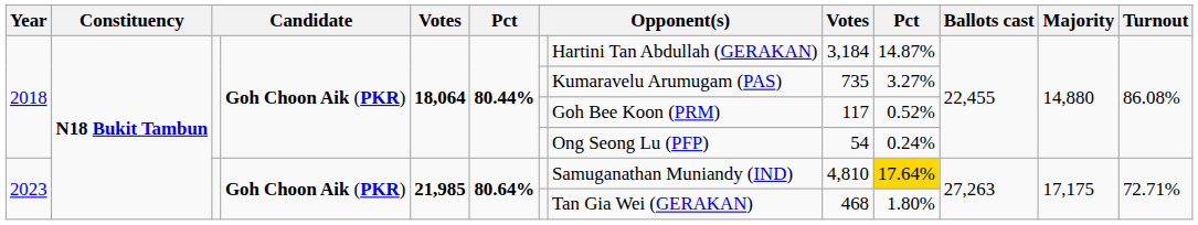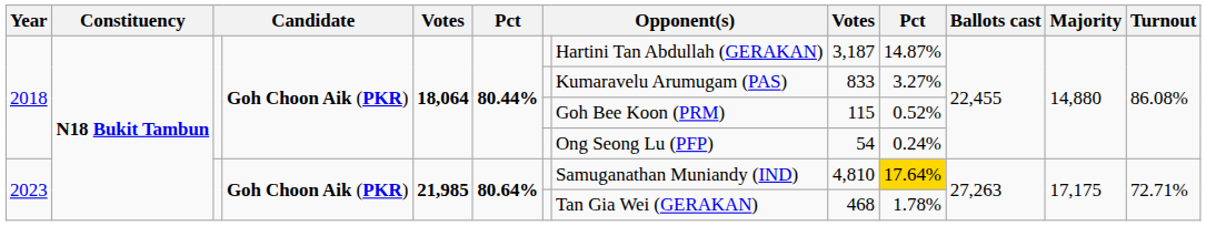 <table class="wikitable" style="margin:0.5em ; font-size:95%">
 <tr>
 <th>Year</th>
 <th>Constituency</th>
 <th colspan="2">Candidate</th>
 <th>Votes</th>
 <th>Pct</th>
 <th colspan="2">Opponent(s)</th>
 <th>Votes</th>
 <th>Pct</th>
 <th>Ballots cast</th>
 <th>Majority</th>
 <th>Turnout</th>
 </tr>
 <tr>
 <td rowspan="4"><a href='#'>2018</a></td>
 <td rowspan="6"><strong>N18 <a href='#'>Bukit Tambun</a></strong></td>
 <td rowspan="4" ></td>
 <td rowspan="4"><strong>Goh Choon Aik</strong> (<a href='#'><strong>PKR</strong></a>)</td>
 <td rowspan="4" style="text-align:right;"><strong>18,064</strong></td>
 <td rowspan="4"><strong>80.44%</strong></td>
 <td></td>
 <td>Hartini Tan Abdullah (<a href='#'>GERAKAN</a>)</td>
-<td style="text-align:right;">3,184</td>
+<td style="text-align:right;">3,187</td>
 <td>14.87%</td>
 <td rowspan="4">22,455</td>
 <td rowspan="4">14,880</td>
 <td rowspan="4">86.08%</td>
 </tr>
 <tr>
 <td></td>
 <td>Kumaravelu Arumugam (<a href='#'>PAS</a>)</td>
-<td style="text-align:right;">735</td>
+<td style="text-align:right;">833</td>
 <td style="text-align:right;">3.27%</td>
 </tr>
 <tr>
 <td bgcolor=></td>
 <td>Goh Bee Koon (<a href='#'>PRM</a>)</td>
-<td style="text-align:right;">117</td>
+<td style="text-align:right;">115</td>
 <td style="text-align:right;">0.52%</td>
 </tr>
 <tr>
 <td bgcolor=></td>
 <td>Ong Seong Lu (<a href='#'>PFP</a>)</td>
 <td style="text-align:right;">54</td>
 <td style="text-align:right;">0.24%</td>
 </tr>
 <tr>
 <td rowspan="2"><a href='#'>2023</a></td>
 <td rowspan="2" ></td>
 <td rowspan="2"><strong>Goh Choon Aik</strong> (<a href='#'><strong>PKR</strong></a>)</td>
 <td rowspan="2" style="text-align:right;"><strong>21,985</strong></td>
 <td rowspan="2"><strong>80.64%</strong></td>
 <td></td>
 <td>Samuganathan Muniandy (<a href='#'>IND</a>)</td>
 <td style="text-align:right;">4,810</td>
 <td style="background: gold;">17.64%</td>
 <td rowspan="2">27,263</td>
 <td rowspan="2">17,175</td>
 <td rowspan="2">72.71%</td>
 </tr>
 <tr>
 <td></td>
 <td>Tan Gia Wei (<a href='#'>GERAKAN</a>)</td>
 <td style="text-align:right;">468</td>
-<td style="text-align:right;">1.80%</td>
+<td style="text-align:right;">1.78%</td>
 </tr>
 </table>
